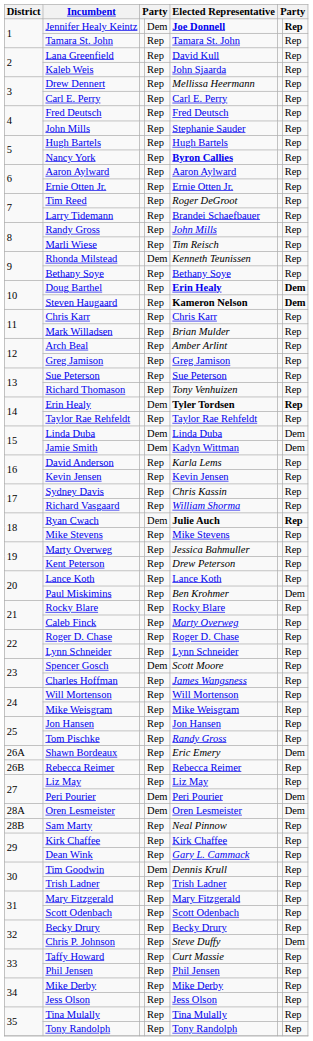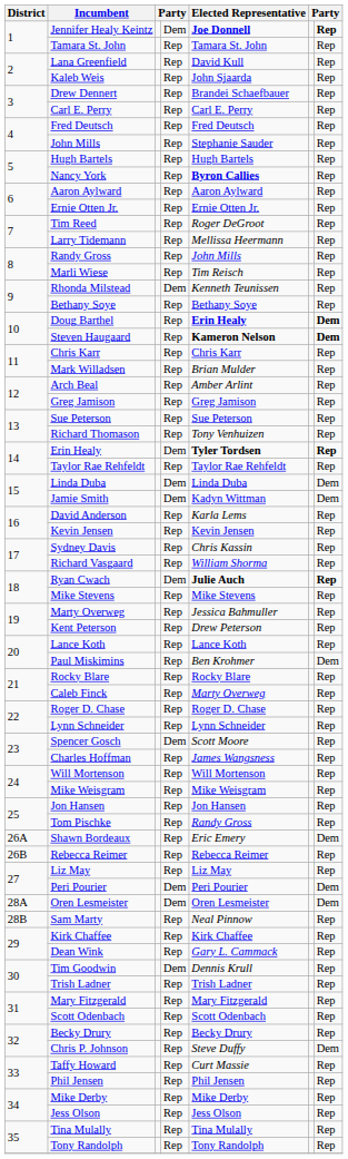 <table class="sortable wikitable" style="font-size:95%;line-height:14px;">
 <tr>
 <th>District</th>
 <th class="unsortable"><a href='#'>Incumbent</a></th>
 <th colspan="2">Party</th>
 <th class="unsortable">Elected Representative</th>
 <th colspan="2">Party</th>
 </tr>
 <tr>
 <td rowspan=2>1</td>
 <td><a href='#'>Jennifer Healy Keintz</a></td>
 <td style="background:"></td>
 <td>Dem</td>
 <td><strong><a href='#'>Joe Donnell</a></strong></td>
 <td style="background:"></td>
 <td><strong>Rep</strong></td>
 </tr>
 <tr>
 <td><a href='#'>Tamara St. John</a></td>
 <td style="background:"></td>
 <td>Rep</td>
 <td><a href='#'>Tamara St. John</a></td>
 <td style="background:"></td>
 <td>Rep</td>
 </tr>
 <tr>
 <td rowspan=2>2</td>
 <td><a href='#'>Lana Greenfield</a></td>
 <td style="background:"></td>
 <td>Rep</td>
 <td><a href='#'>David Kull</a></td>
 <td style="background:"></td>
 <td>Rep</td>
 </tr>
 <tr>
 <td><a href='#'>Kaleb Weis</a></td>
 <td style="background:"></td>
 <td>Rep</td>
 <td><a href='#'>John Sjaarda</a></td>
 <td style="background:"></td>
 <td>Rep</td>
 </tr>
 <tr>
 <td rowspan=2>3</td>
 <td><a href='#'>Drew Dennert</a></td>
 <td style="background:"></td>
 <td>Rep</td>
-<td><em>Mellissa Heermann</em></td>
+<td><a href='#'>Brandei Schaefbauer</a></td>
 <td style="background:"></td>
 <td>Rep</td>
 </tr>
 <tr>
 <td><a href='#'>Carl E. Perry</a></td>
 <td style="background:"></td>
 <td>Rep</td>
 <td><a href='#'>Carl E. Perry</a></td>
 <td style="background:"></td>
 <td>Rep</td>
 </tr>
 <tr>
 <td rowspan=2>4</td>
 <td><a href='#'>Fred Deutsch</a></td>
 <td style="background:"></td>
 <td>Rep</td>
 <td><a href='#'>Fred Deutsch</a></td>
 <td style="background:"></td>
 <td>Rep</td>
 </tr>
 <tr>
 <td><a href='#'>John Mills</a></td>
 <td style="background:"></td>
 <td>Rep</td>
 <td><a href='#'>Stephanie Sauder</a></td>
 <td style="background:"></td>
 <td>Rep</td>
 </tr>
 <tr>
 <td rowspan=2>5</td>
 <td><a href='#'>Hugh Bartels</a></td>
 <td style="background:"></td>
 <td>Rep</td>
 <td><a href='#'>Hugh Bartels</a></td>
 <td style="background:"></td>
 <td>Rep</td>
 </tr>
 <tr>
 <td><a href='#'>Nancy York</a></td>
 <td style="background:"></td>
 <td>Rep</td>
 <td><strong><a href='#'>Byron Callies</a></strong></td>
 <td style="background:"></td>
 <td>Rep</td>
 </tr>
 <tr>
 <td rowspan=2>6</td>
 <td><a href='#'>Aaron Aylward</a></td>
 <td style="background:"></td>
 <td>Rep</td>
 <td><a href='#'>Aaron Aylward</a></td>
 <td style="background:"></td>
 <td>Rep</td>
 </tr>
 <tr>
 <td><a href='#'>Ernie Otten Jr.</a></td>
 <td style="background:"></td>
 <td>Rep</td>
 <td><a href='#'>Ernie Otten Jr.</a></td>
 <td style="background:"></td>
 <td>Rep</td>
 </tr>
 <tr>
 <td rowspan=2>7</td>
 <td><a href='#'>Tim Reed</a></td>
 <td style="background:"></td>
 <td>Rep</td>
 <td><em>Roger DeGroot</em></td>
 <td style="background:"></td>
 <td>Rep</td>
 </tr>
 <tr>
 <td><a href='#'>Larry Tidemann</a></td>
 <td style="background:"></td>
 <td>Rep</td>
-<td><a href='#'>Brandei Schaefbauer</a></td>
+<td><em>Mellissa Heermann</em></td>
 <td style="background:"></td>
 <td>Rep</td>
 </tr>
 <tr>
 <td rowspan=2>8</td>
 <td><a href='#'>Randy Gross</a></td>
 <td style="background:"></td>
 <td>Rep</td>
 <td><em><a href='#'>John Mills</a></em></td>
 <td style="background:"></td>
 <td>Rep</td>
 </tr>
 <tr>
 <td><a href='#'>Marli Wiese</a></td>
 <td style="background:"></td>
 <td>Rep</td>
 <td><em>Tim Reisch</em></td>
 <td style="background:"></td>
 <td>Rep</td>
 </tr>
 <tr>
 <td rowspan=2>9</td>
 <td><a href='#'>Rhonda Milstead</a></td>
 <td style="background:"></td>
 <td>Dem</td>
 <td><em>Kenneth Teunissen</em></td>
 <td style="background:"></td>
 <td>Rep</td>
 </tr>
 <tr>
 <td><a href='#'>Bethany Soye</a></td>
 <td style="background:"></td>
 <td>Rep</td>
 <td><a href='#'>Bethany Soye</a></td>
 <td style="background:"></td>
 <td>Rep</td>
 </tr>
 <tr>
 <td rowspan=2>10</td>
 <td><a href='#'>Doug Barthel</a></td>
 <td style="background:"></td>
 <td>Rep</td>
 <td><strong><a href='#'>Erin Healy</a></strong></td>
 <td style="background:"></td>
 <td><strong>Dem</strong></td>
 </tr>
 <tr>
 <td><a href='#'>Steven Haugaard</a></td>
 <td style="background:"></td>
 <td>Rep</td>
 <td><strong>Kameron Nelson</strong></td>
 <td style="background:"></td>
 <td><strong>Dem</strong></td>
 </tr>
 <tr>
 <td rowspan=2>11</td>
 <td><a href='#'>Chris Karr</a></td>
 <td style="background:"></td>
 <td>Rep</td>
 <td><a href='#'>Chris Karr</a></td>
 <td style="background:"></td>
 <td>Rep</td>
 </tr>
 <tr>
 <td><a href='#'>Mark Willadsen</a></td>
 <td style="background:"></td>
 <td>Rep</td>
 <td><em>Brian Mulder</em></td>
 <td style="background:"></td>
 <td>Rep</td>
 </tr>
 <tr>
 <td rowspan=2>12</td>
 <td><a href='#'>Arch Beal</a></td>
 <td style="background:"></td>
 <td>Rep</td>
 <td><em>Amber Arlint</em></td>
 <td style="background:"></td>
 <td>Rep</td>
 </tr>
 <tr>
 <td><a href='#'>Greg Jamison</a></td>
 <td style="background:"></td>
 <td>Rep</td>
 <td><a href='#'>Greg Jamison</a></td>
 <td style="background:"></td>
 <td>Rep</td>
 </tr>
 <tr>
 <td rowspan=2>13</td>
 <td><a href='#'>Sue Peterson</a></td>
 <td style="background:"></td>
 <td>Rep</td>
 <td><a href='#'>Sue Peterson</a></td>
 <td style="background:"></td>
 <td>Rep</td>
 </tr>
 <tr>
 <td><a href='#'>Richard Thomason</a></td>
 <td style="background:"></td>
 <td>Rep</td>
 <td><em>Tony Venhuizen</em></td>
 <td style="background:"></td>
 <td>Rep</td>
 </tr>
 <tr>
 <td rowspan=2>14</td>
 <td><a href='#'>Erin Healy</a></td>
 <td style="background:"></td>
 <td>Dem</td>
 <td><strong>Tyler Tordsen</strong></td>
 <td style="background:"></td>
 <td><strong>Rep</strong></td>
 </tr>
 <tr>
 <td><a href='#'>Taylor Rae Rehfeldt</a></td>
 <td style="background:"></td>
 <td>Rep</td>
 <td><a href='#'>Taylor Rae Rehfeldt</a></td>
 <td style="background:"></td>
 <td>Rep</td>
 </tr>
 <tr>
 <td rowspan=2>15</td>
 <td><a href='#'>Linda Duba</a></td>
 <td style="background:"></td>
 <td>Dem</td>
 <td><a href='#'>Linda Duba</a></td>
 <td style="background:"></td>
 <td>Dem</td>
 </tr>
 <tr>
 <td><a href='#'>Jamie Smith</a></td>
 <td style="background:"></td>
 <td>Dem</td>
 <td><a href='#'>Kadyn Wittman</a></td>
 <td style="background:"></td>
 <td>Dem</td>
 </tr>
 <tr>
 <td rowspan=2>16</td>
 <td><a href='#'>David Anderson</a></td>
 <td style="background:"></td>
 <td>Rep</td>
 <td><em>Karla Lems</em></td>
 <td style="background:"></td>
 <td>Rep</td>
 </tr>
 <tr>
 <td><a href='#'>Kevin Jensen</a></td>
 <td style="background:"></td>
 <td>Rep</td>
 <td><a href='#'>Kevin Jensen</a></td>
 <td style="background:"></td>
 <td>Rep</td>
 </tr>
 <tr>
 <td rowspan=2>17</td>
 <td><a href='#'>Sydney Davis</a></td>
 <td style="background:"></td>
 <td>Rep</td>
 <td><em>Chris Kassin</em></td>
 <td style="background:"></td>
 <td>Rep</td>
 </tr>
 <tr>
 <td><a href='#'>Richard Vasgaard</a></td>
 <td style="background:"></td>
 <td>Rep</td>
 <td><em><a href='#'>William Shorma</a></em></td>
 <td style="background:"></td>
 <td>Rep</td>
 </tr>
 <tr>
 <td rowspan=2>18</td>
 <td><a href='#'>Ryan Cwach</a></td>
 <td style="background:"></td>
 <td>Dem</td>
 <td><strong>Julie Auch</strong></td>
 <td style="background:"></td>
 <td><strong>Rep</strong></td>
 </tr>
 <tr>
 <td><a href='#'>Mike Stevens</a></td>
 <td style="background:"></td>
 <td>Rep</td>
 <td><a href='#'>Mike Stevens</a></td>
 <td style="background:"></td>
 <td>Rep</td>
 </tr>
 <tr>
 <td rowspan=2>19</td>
 <td><a href='#'>Marty Overweg</a></td>
 <td style="background:"></td>
 <td>Rep</td>
 <td><em>Jessica Bahmuller</em></td>
 <td style="background:"></td>
 <td>Rep</td>
 </tr>
 <tr>
 <td><a href='#'>Kent Peterson</a></td>
 <td style="background:"></td>
 <td>Rep</td>
 <td><em>Drew Peterson</em></td>
 <td style="background:"></td>
 <td>Rep</td>
 </tr>
 <tr>
 <td rowspan=2>20</td>
 <td><a href='#'>Lance Koth</a></td>
 <td style="background:"></td>
 <td>Rep</td>
 <td><a href='#'>Lance Koth</a></td>
 <td style="background:"></td>
 <td>Rep</td>
 </tr>
 <tr>
 <td><a href='#'>Paul Miskimins</a></td>
 <td style="background:"></td>
 <td>Rep</td>
 <td><em>Ben Krohmer</em></td>
 <td style="background:"></td>
 <td>Dem</td>
 </tr>
 <tr>
 <td rowspan=2>21</td>
 <td><a href='#'>Rocky Blare</a></td>
 <td style="background:"></td>
 <td>Rep</td>
 <td><a href='#'>Rocky Blare</a></td>
 <td style="background:"></td>
 <td>Rep</td>
 </tr>
 <tr>
 <td><a href='#'>Caleb Finck</a></td>
 <td style="background:"></td>
 <td>Rep</td>
 <td><em><a href='#'>Marty Overweg</a></em></td>
 <td style="background:"></td>
 <td>Rep</td>
 </tr>
 <tr>
 <td rowspan=2>22</td>
 <td><a href='#'>Roger D. Chase</a></td>
 <td style="background:"></td>
 <td>Rep</td>
 <td><a href='#'>Roger D. Chase</a></td>
 <td style="background:"></td>
 <td>Rep</td>
 </tr>
 <tr>
 <td><a href='#'>Lynn Schneider</a></td>
 <td style="background:"></td>
 <td>Rep</td>
 <td><a href='#'>Lynn Schneider</a></td>
 <td style="background:"></td>
 <td>Rep</td>
 </tr>
 <tr>
 <td rowspan=2>23</td>
 <td><a href='#'>Spencer Gosch</a></td>
 <td style="background:"></td>
 <td>Dem</td>
 <td><em>Scott Moore</em></td>
 <td style="background:"></td>
 <td>Rep</td>
 </tr>
 <tr>
 <td><a href='#'>Charles Hoffman</a></td>
 <td style="background:"></td>
 <td>Rep</td>
 <td><em><a href='#'>James Wangsness</a></em></td>
 <td style="background:"></td>
 <td>Rep</td>
 </tr>
 <tr>
 <td rowspan=2>24</td>
 <td><a href='#'>Will Mortenson</a></td>
 <td style="background:"></td>
 <td>Rep</td>
 <td><a href='#'>Will Mortenson</a></td>
 <td style="background:"></td>
 <td>Rep</td>
 </tr>
 <tr>
 <td><a href='#'>Mike Weisgram</a></td>
 <td style="background:"></td>
 <td>Rep</td>
 <td><a href='#'>Mike Weisgram</a></td>
 <td style="background:"></td>
 <td>Rep</td>
 </tr>
 <tr>
 <td rowspan=2>25</td>
 <td><a href='#'>Jon Hansen</a></td>
 <td style="background:"></td>
 <td>Rep</td>
 <td><a href='#'>Jon Hansen</a></td>
 <td style="background:"></td>
 <td>Rep</td>
 </tr>
 <tr>
 <td><a href='#'>Tom Pischke</a></td>
 <td style="background:"></td>
 <td>Rep</td>
 <td><em><a href='#'>Randy Gross</a></em></td>
 <td style="background:"></td>
 <td>Rep</td>
 </tr>
 <tr>
 <td rowspan=1>26A</td>
 <td><a href='#'>Shawn Bordeaux</a></td>
 <td style="background:"></td>
 <td>Rep</td>
 <td><em>Eric Emery</em></td>
 <td style="background:"></td>
 <td>Dem</td>
 </tr>
 <tr>
 <td rowspan=1>26B</td>
 <td><a href='#'>Rebecca Reimer</a></td>
 <td style="background:"></td>
 <td>Rep</td>
 <td><a href='#'>Rebecca Reimer</a></td>
 <td style="background:"></td>
 <td>Rep</td>
 </tr>
 <tr>
 <td rowspan=2>27</td>
 <td><a href='#'>Liz May</a></td>
 <td style="background:"></td>
 <td>Rep</td>
 <td><a href='#'>Liz May</a></td>
 <td style="background:"></td>
 <td>Rep</td>
 </tr>
 <tr>
 <td><a href='#'>Peri Pourier</a></td>
 <td style="background:"></td>
 <td>Dem</td>
 <td><a href='#'>Peri Pourier</a></td>
 <td style="background:"></td>
 <td>Dem</td>
 </tr>
 <tr>
 <td rowspan=1>28A</td>
 <td><a href='#'>Oren Lesmeister</a></td>
 <td style="background:"></td>
 <td>Dem</td>
 <td><a href='#'>Oren Lesmeister</a></td>
 <td style="background:"></td>
 <td>Dem</td>
 </tr>
 <tr>
 <td rowspan=1>28B</td>
 <td><a href='#'>Sam Marty</a></td>
 <td style="background:"></td>
 <td>Rep</td>
 <td><em>Neal Pinnow</em></td>
 <td style="background:"></td>
 <td>Rep</td>
 </tr>
 <tr>
 <td rowspan=2>29</td>
 <td><a href='#'>Kirk Chaffee</a></td>
 <td style="background:"></td>
 <td>Rep</td>
 <td><a href='#'>Kirk Chaffee</a></td>
 <td style="background:"></td>
 <td>Rep</td>
 </tr>
 <tr>
 <td><a href='#'>Dean Wink</a></td>
 <td style="background:"></td>
 <td>Rep</td>
 <td><em><a href='#'>Gary L. Cammack</a></em></td>
 <td style="background:"></td>
 <td>Rep</td>
 </tr>
 <tr>
 <td rowspan=2>30</td>
 <td><a href='#'>Tim Goodwin</a></td>
 <td style="background:"></td>
 <td>Dem</td>
 <td><em>Dennis Krull</em></td>
 <td style="background:"></td>
 <td>Rep</td>
 </tr>
 <tr>
 <td><a href='#'>Trish Ladner</a></td>
 <td style="background:"></td>
 <td>Rep</td>
 <td><a href='#'>Trish Ladner</a></td>
 <td style="background:"></td>
 <td>Rep</td>
 </tr>
 <tr>
 <td rowspan=2>31</td>
 <td><a href='#'>Mary Fitzgerald</a></td>
 <td style="background:"></td>
 <td>Rep</td>
 <td><a href='#'>Mary Fitzgerald</a></td>
 <td style="background:"></td>
 <td>Rep</td>
 </tr>
 <tr>
 <td><a href='#'>Scott Odenbach</a></td>
 <td style="background:"></td>
 <td>Rep</td>
 <td><a href='#'>Scott Odenbach</a></td>
 <td style="background:"></td>
 <td>Rep</td>
 </tr>
 <tr>
 <td rowspan=2>32</td>
 <td><a href='#'>Becky Drury</a></td>
 <td style="background:"></td>
 <td>Rep</td>
 <td><a href='#'>Becky Drury</a></td>
 <td style="background:"></td>
 <td>Rep</td>
 </tr>
 <tr>
 <td><a href='#'>Chris P. Johnson</a></td>
 <td style="background:"></td>
 <td>Rep</td>
 <td><em>Steve Duffy</em></td>
 <td style="background:"></td>
 <td>Dem</td>
 </tr>
 <tr>
 <td rowspan=2>33</td>
 <td><a href='#'>Taffy Howard</a></td>
 <td style="background:"></td>
 <td>Rep</td>
 <td><em>Curt Massie</em></td>
 <td style="background:"></td>
 <td>Rep</td>
 </tr>
 <tr>
 <td><a href='#'>Phil Jensen</a></td>
 <td style="background:"></td>
 <td>Rep</td>
 <td><a href='#'>Phil Jensen</a></td>
 <td style="background:"></td>
 <td>Rep</td>
 </tr>
 <tr>
 <td rowspan=2>34</td>
 <td><a href='#'>Mike Derby</a></td>
 <td style="background:"></td>
 <td>Rep</td>
 <td><a href='#'>Mike Derby</a></td>
 <td style="background:"></td>
 <td>Rep</td>
 </tr>
 <tr>
 <td><a href='#'>Jess Olson</a></td>
 <td style="background:"></td>
 <td>Rep</td>
 <td><a href='#'>Jess Olson</a></td>
 <td style="background:"></td>
 <td>Rep</td>
 </tr>
 <tr>
 <td rowspan=2>35</td>
 <td><a href='#'>Tina Mulally</a></td>
 <td style="background:"></td>
 <td>Rep</td>
 <td><a href='#'>Tina Mulally</a></td>
 <td style="background:"></td>
 <td>Rep</td>
 </tr>
 <tr>
 <td><a href='#'>Tony Randolph</a></td>
 <td style="background:"></td>
 <td>Rep</td>
 <td><a href='#'>Tony Randolph</a></td>
 <td style="background:"></td>
 <td>Rep</td>
 </tr>
 <tr>
 </tr>
 </table>
